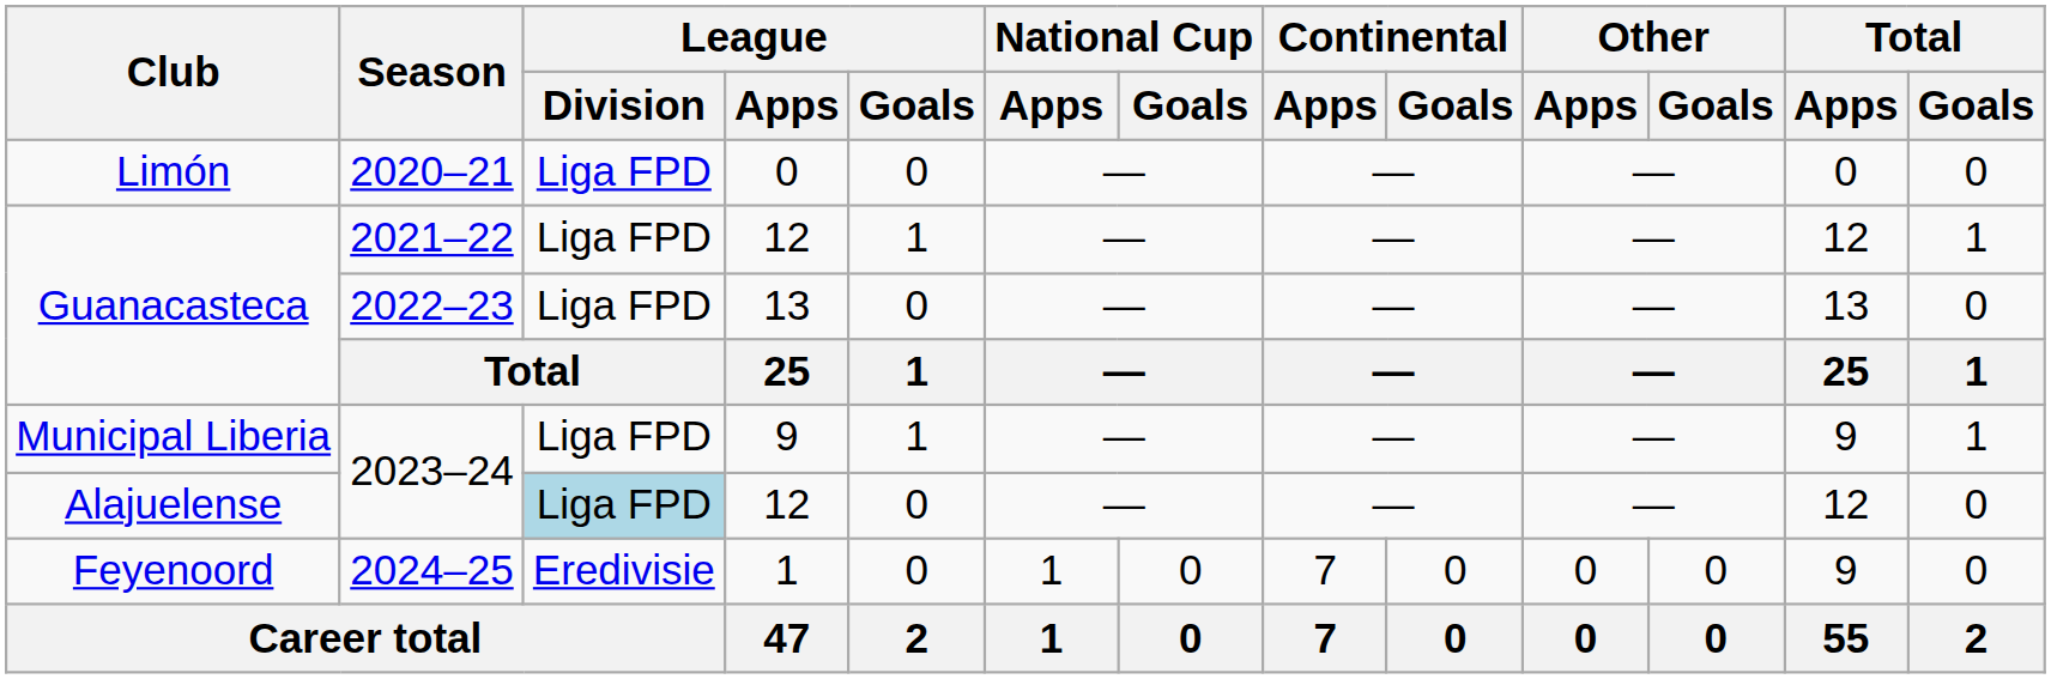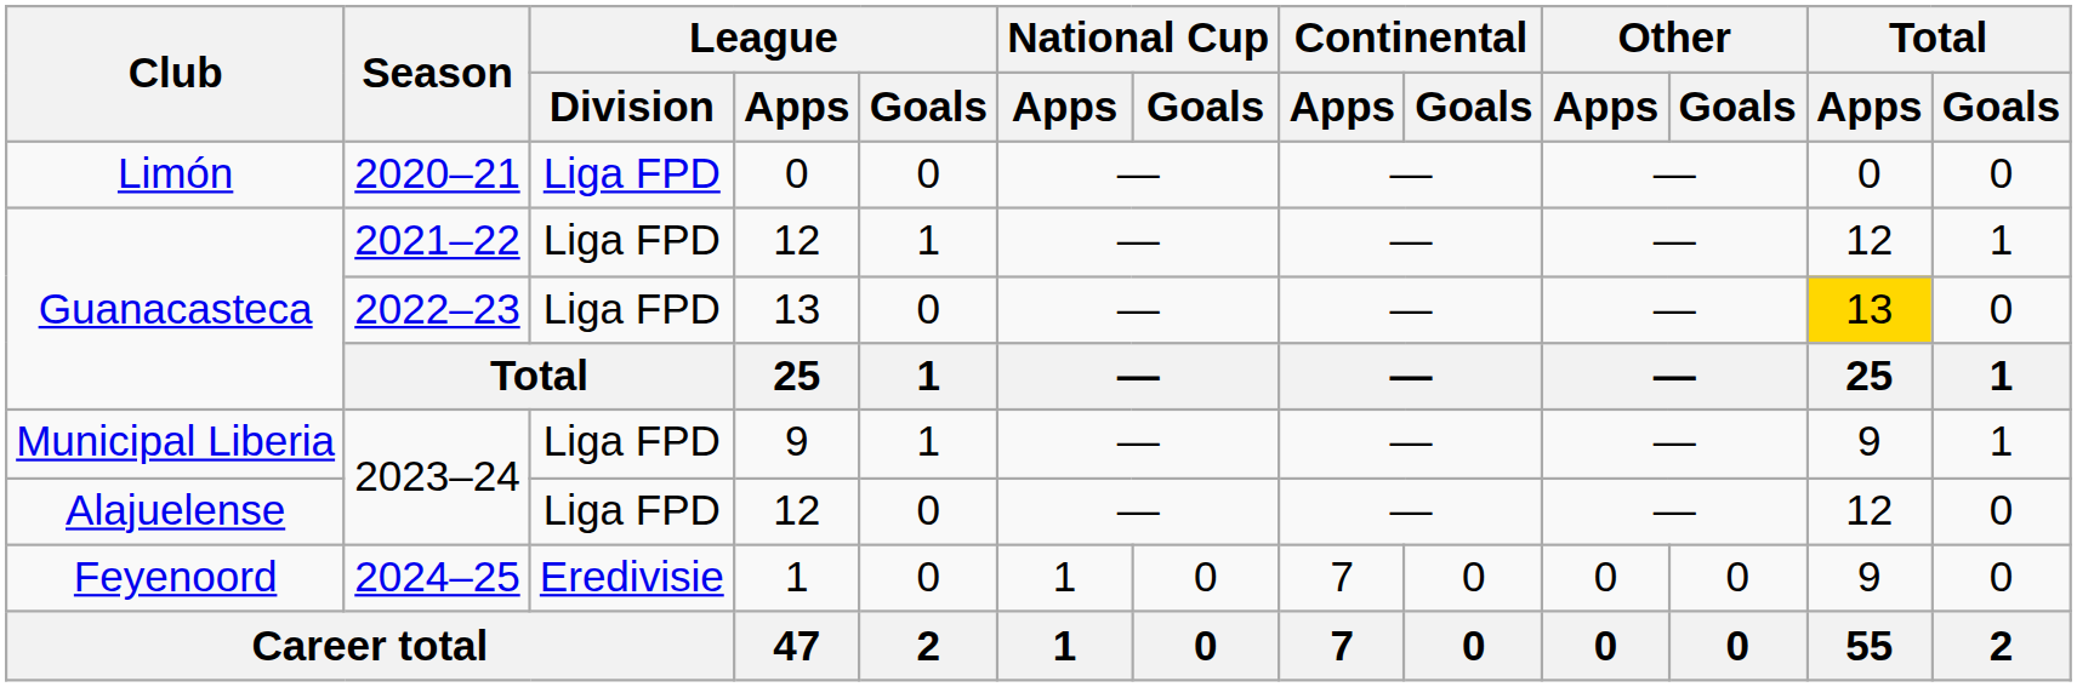 <table class="wikitable" style="text-align: center">
 <tr>
 <th rowspan="2">Club</th>
 <th rowspan="2">Season</th>
 <th colspan="3">League</th>
 <th colspan="2">National Cup</th>
 <th colspan="2">Continental</th>
 <th colspan="2">Other</th>
 <th colspan="2">Total</th>
 </tr>
 <tr>
 <th>Division</th>
 <th>Apps</th>
 <th>Goals</th>
 <th>Apps</th>
 <th>Goals</th>
 <th>Apps</th>
 <th>Goals</th>
 <th>Apps</th>
 <th>Goals</th>
 <th>Apps</th>
 <th>Goals</th>
 </tr>
 <tr>
 <td><a href='#'>Limón</a></td>
 <td><a href='#'>2020–21</a></td>
 <td><a href='#'>Liga FPD</a></td>
 <td>0</td>
 <td>0</td>
 <td colspan="2">—</td>
 <td colspan="2">—</td>
 <td colspan="2">—</td>
 <td>0</td>
 <td>0</td>
 </tr>
 <tr>
 <td rowspan="3"><a href='#'>Guanacasteca</a></td>
 <td><a href='#'>2021–22</a></td>
 <td>Liga FPD</td>
 <td>12</td>
 <td>1</td>
 <td colspan="2">—</td>
 <td colspan="2">—</td>
 <td colspan="2">—</td>
 <td>12</td>
 <td>1</td>
 </tr>
 <tr>
 <td><a href='#'>2022–23</a></td>
 <td>Liga FPD</td>
 <td>13</td>
 <td>0</td>
 <td colspan="2">—</td>
 <td colspan="2">—</td>
 <td colspan="2">—</td>
-<td>13</td>
+<td style="background: gold;">13</td>
 <td>0</td>
 </tr>
 <tr>
 <th colspan="2">Total</th>
 <th>25</th>
 <th>1</th>
 <th colspan="2">—</th>
 <th colspan="2">—</th>
 <th colspan="2">—</th>
 <th>25</th>
 <th>1</th>
 </tr>
 <tr>
 <td><a href='#'>Municipal Liberia</a></td>
 <td rowspan="2">2023–24</td>
 <td>Liga FPD</td>
 <td>9</td>
 <td>1</td>
 <td colspan="2">—</td>
 <td colspan="2">—</td>
 <td colspan="2">—</td>
 <td>9</td>
 <td>1</td>
 </tr>
 <tr>
 <td><a href='#'>Alajuelense</a></td>
-<td style="background: lightblue;">Liga FPD</td>
+<td>Liga FPD</td>
 <td>12</td>
 <td>0</td>
 <td colspan="2">—</td>
 <td colspan="2">—</td>
 <td colspan="2">—</td>
 <td>12</td>
 <td>0</td>
 </tr>
 <tr>
 <td><a href='#'>Feyenoord</a></td>
 <td><a href='#'>2024–25</a></td>
 <td><a href='#'>Eredivisie</a></td>
 <td>1</td>
 <td>0</td>
 <td>1</td>
 <td>0</td>
 <td>7</td>
 <td>0</td>
 <td>0</td>
 <td>0</td>
 <td>9</td>
 <td>0</td>
 </tr>
 <tr>
 <th colspan="3">Career total</th>
 <th>47</th>
 <th>2</th>
 <th>1</th>
 <th>0</th>
 <th>7</th>
 <th>0</th>
 <th>0</th>
 <th>0</th>
 <th>55</th>
 <th>2</th>
 </tr>
 </table>
